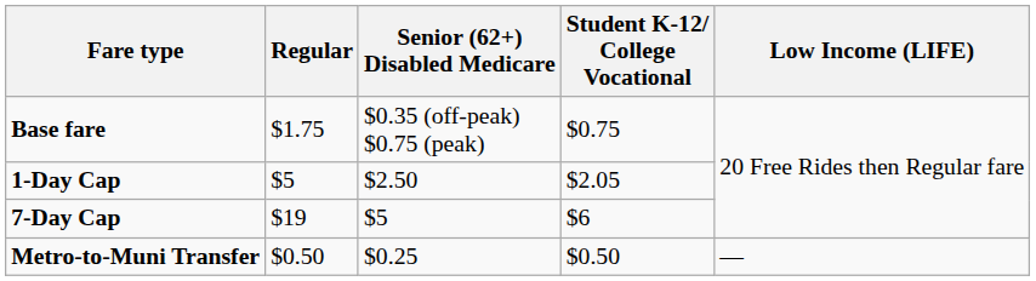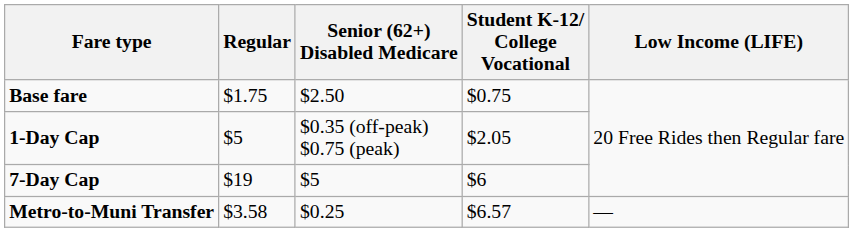 <table class="wikitable">
 <tr>
 <th>Fare type</th>
 <th>Regular</th>
 <th>Senior (62+)<br>Disabled Medicare</th>
 <th>Student K-12/<br>College<br>Vocational</th>
 <th>Low Income (LIFE)</th>
 </tr>
 <tr>
 <td><strong>Base fare</strong></td>
 <td>$1.75</td>
-<td>$0.35 (off-peak)<br>$0.75 (peak)</td>
+<td>$2.50</td>
 <td>$0.75</td>
 <td rowspan="3">20 Free Rides then Regular fare</td>
 </tr>
 <tr>
 <td><strong>1-Day Cap</strong></td>
 <td>$5</td>
-<td>$2.50</td>
+<td>$0.35 (off-peak)<br>$0.75 (peak)</td>
 <td>$2.05</td>
 </tr>
 <tr>
 <td><strong>7-Day Cap</strong></td>
 <td>$19</td>
 <td>$5</td>
 <td>$6</td>
 </tr>
 <tr>
 <td><strong>Metro-to-Muni Transfer</strong></td>
-<td>$0.50</td>
+<td>$3.58</td>
 <td>$0.25</td>
-<td>$0.50</td>
+<td>$6.57</td>
 <td>—</td>
 </tr>
 </table>
